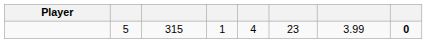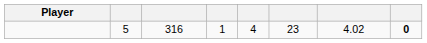 <table class="wikitable sortable" style="width:100%;">
 <tr style="text-align:center; background:#ddd;">
 <th>Player</th>
 <th></th>
 <th></th>
 <th></th>
 <th></th>
 <th></th>
 <th></th>
 <th></th>
 </tr>
 <tr align=center>
 <td></td>
 <td>5</td>
-<td>315</td>
+<td>316</td>
 <td>1</td>
 <td>4</td>
 <td>23</td>
-<td>3.99</td>
+<td>4.02</td>
 <td><strong>0</strong></td>
 </tr>
 </table>
